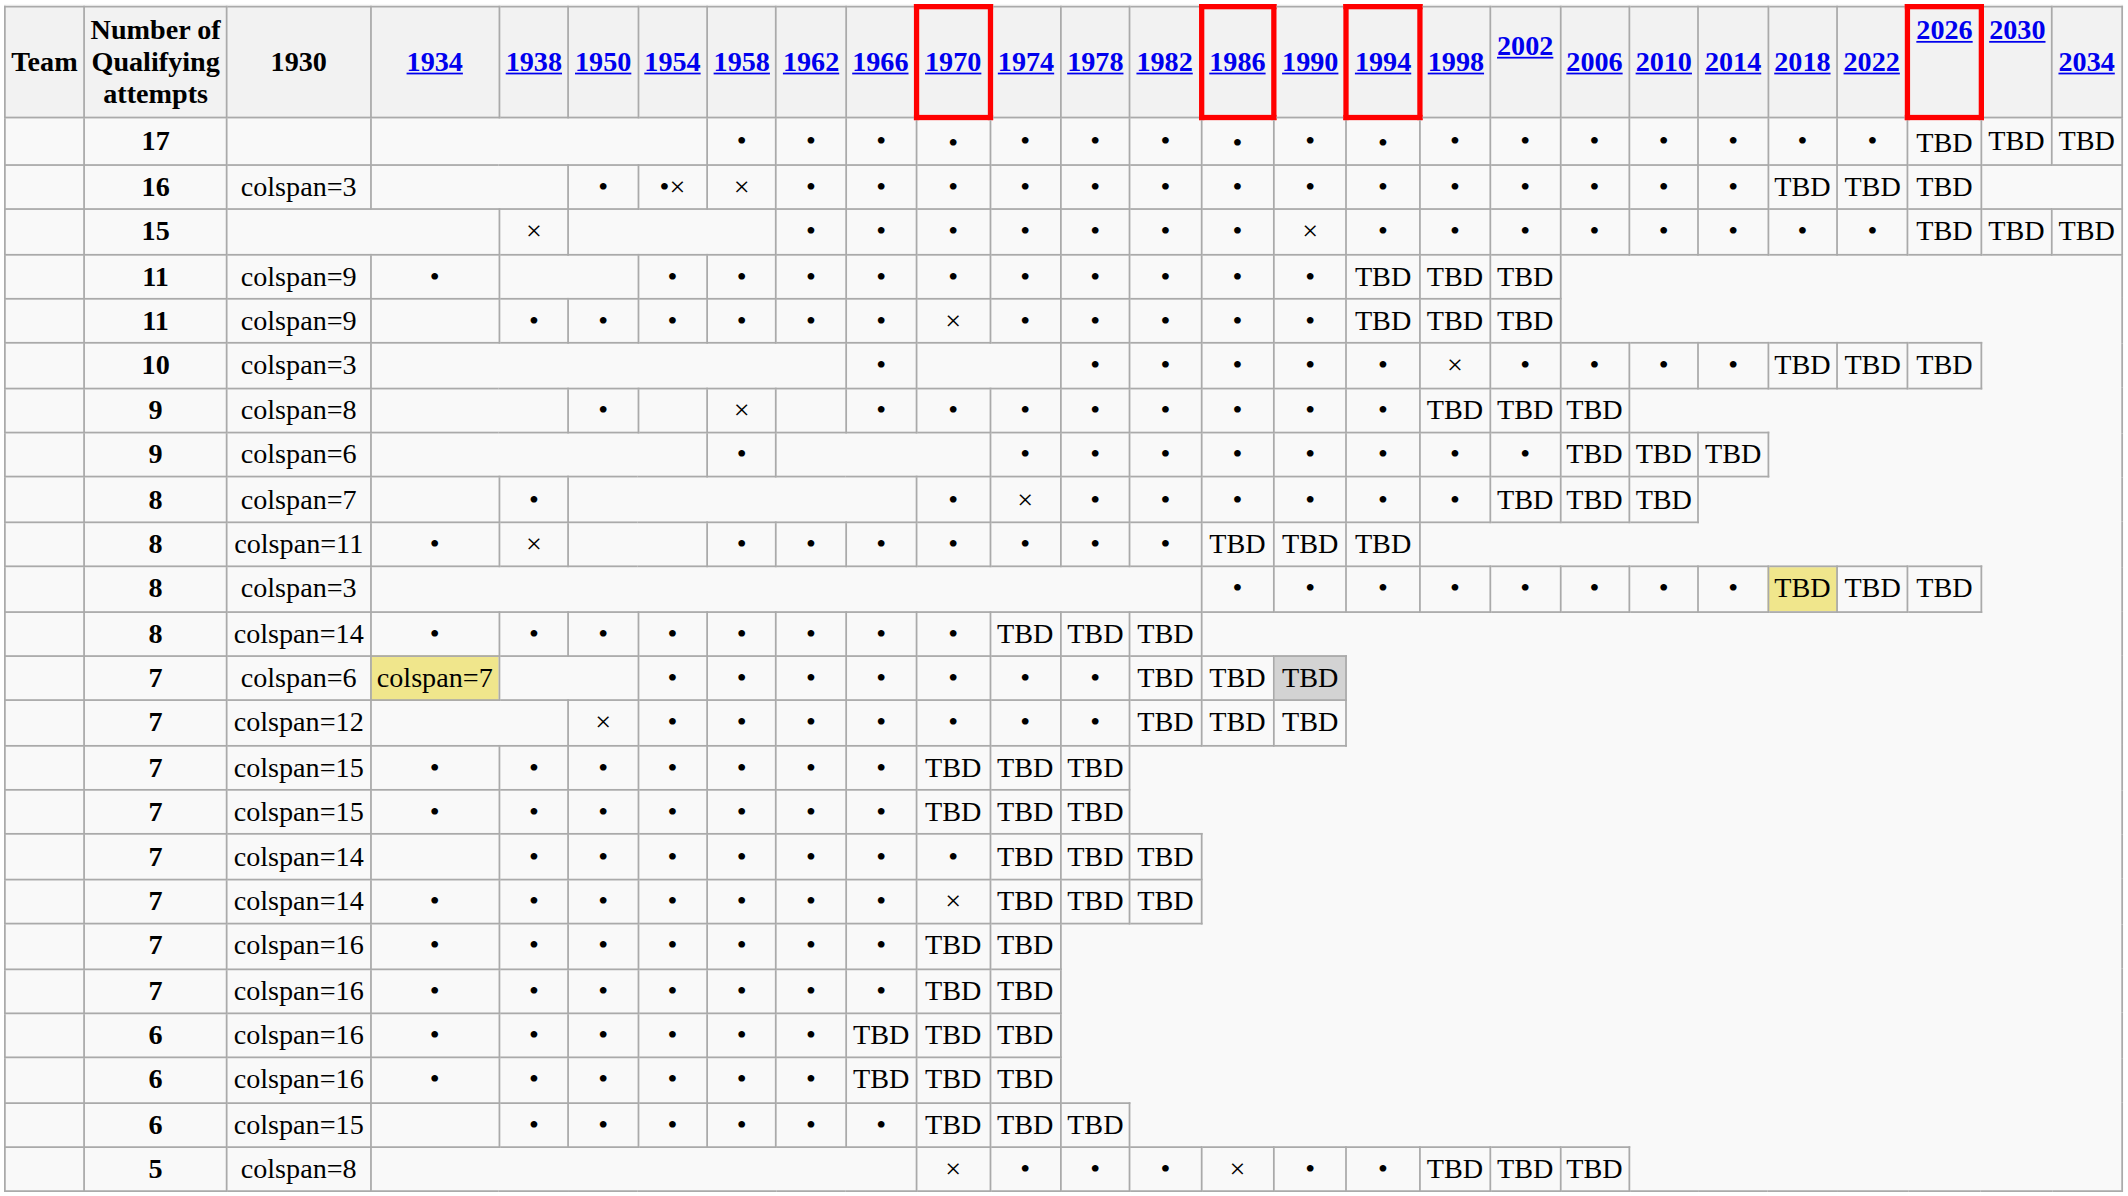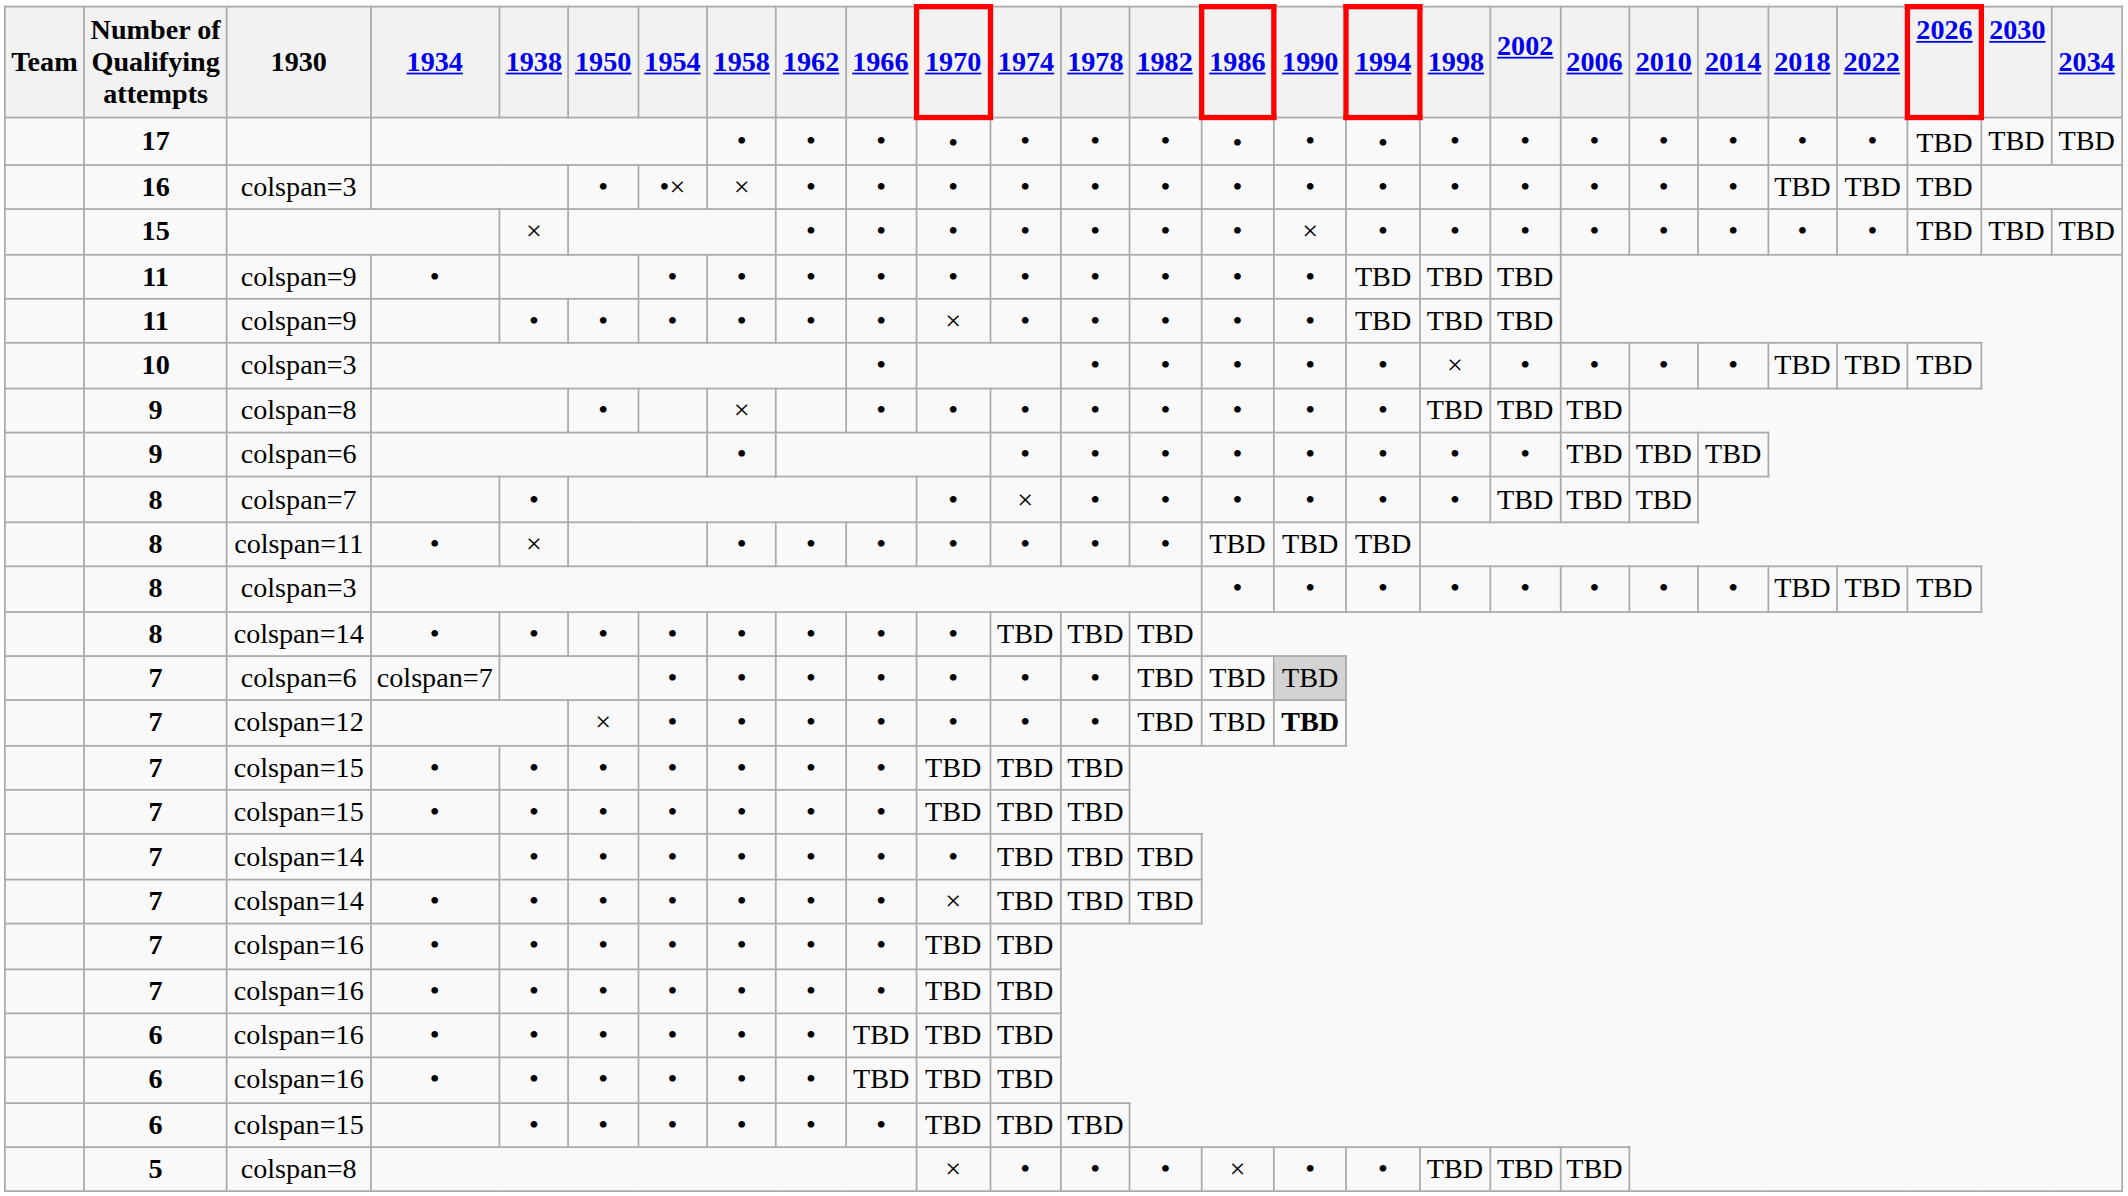 <table class="wikitable" style="text-align: center;">
 <tr>
 <th>Team</th>
 <th>Number of <br> Qualifying<br>attempts</th>
 <th>1930<br> </th>
 <th><a href='#'>1934</a><br> </th>
 <th><a href='#'>1938</a><br> </th>
 <th><a href='#'>1950</a><br> </th>
 <th><a href='#'>1954</a><br> </th>
 <th><a href='#'>1958</a><br> </th>
 <th><a href='#'>1962</a><br> </th>
 <th><a href='#'>1966</a><br> </th>
 <th style="border:3px solid red"><a href='#'>1970</a><br> </th>
 <th><a href='#'>1974</a><br> </th>
 <th><a href='#'>1978</a><br> </th>
 <th><a href='#'>1982</a><br> </th>
 <th style="border:3px solid red"><a href='#'>1986</a><br> </th>
 <th><a href='#'>1990</a><br> </th>
 <th style="border:3px solid red"><a href='#'>1994</a><br> </th>
 <th><a href='#'>1998</a><br> </th>
 <th><a href='#'>2002</a><br> <br></th>
 <th><a href='#'>2006</a><br> </th>
 <th><a href='#'>2010</a><br> </th>
 <th><a href='#'>2014</a><br> </th>
 <th><a href='#'>2018</a><br> </th>
 <th><a href='#'>2022</a><br> </th>
 <th style="border:3px solid red"><a href='#'>2026</a><br> <br><br></th>
 <th><a href='#'>2030</a><br> <br><br></th>
 <th><a href='#'>2034</a><br> </th>
 </tr>
 <tr>
 <td style="text-align: left;"></td>
 <td><strong>17</strong></td>
 <td></td>
 <td colspan=4></td>
 <td>•</td>
 <td>•</td>
 <td>•</td>
 <td>•</td>
 <td>•</td>
 <td>•</td>
 <td>•</td>
 <td>•</td>
 <td>•</td>
 <td>•</td>
 <td>•</td>
 <td>•</td>
 <td>•</td>
 <td>•</td>
 <td>•</td>
 <td>•</td>
 <td>•</td>
 <td>TBD</td>
 <td>TBD</td>
 <td>TBD</td>
 </tr>
 <tr>
 <td style="text-align: left;"></td>
 <td><strong>16</strong></td>
 <td>colspan=3 </td>
 <td colspan=2></td>
 <td>•</td>
 <td>•×</td>
 <td>×</td>
 <td>•</td>
 <td>•</td>
 <td>•</td>
 <td>•</td>
 <td>•</td>
 <td>•</td>
 <td>•</td>
 <td>•</td>
 <td>•</td>
 <td>•</td>
 <td>•</td>
 <td>•</td>
 <td>•</td>
 <td>•</td>
 <td>TBD</td>
 <td>TBD</td>
 <td>TBD</td>
 </tr>
 <tr>
 <td style="text-align: left;"></td>
 <td><strong>15</strong></td>
 <td colspan=2></td>
 <td>×</td>
 <td colspan=3></td>
 <td>•</td>
 <td>•</td>
 <td>•</td>
 <td>•</td>
 <td>•</td>
 <td>•</td>
 <td>•</td>
 <td>×</td>
 <td>•</td>
 <td>•</td>
 <td>•</td>
 <td>•</td>
 <td>•</td>
 <td>•</td>
 <td>•</td>
 <td>•</td>
 <td>TBD</td>
 <td>TBD</td>
 <td>TBD</td>
 </tr>
 <tr>
 <td style="text-align: left;"></td>
 <td><strong>11</strong></td>
 <td>colspan=9 </td>
 <td>•</td>
 <td colspan=2></td>
 <td>•</td>
 <td>•</td>
 <td>•</td>
 <td>•</td>
 <td>•</td>
 <td>•</td>
 <td>•</td>
 <td>•</td>
 <td>•</td>
 <td>•</td>
 <td>TBD</td>
 <td>TBD</td>
 <td>TBD</td>
 </tr>
 <tr>
 <td style="text-align: left;"></td>
 <td><strong>11</strong></td>
 <td>colspan=9 </td>
 <td></td>
 <td>•</td>
 <td>•</td>
 <td>•</td>
 <td>•</td>
 <td>•</td>
 <td>•</td>
 <td>×</td>
 <td>•</td>
 <td>•</td>
 <td>•</td>
 <td>•</td>
 <td>•</td>
 <td>TBD</td>
 <td>TBD</td>
 <td>TBD</td>
 </tr>
 <tr>
 <td style="text-align: left;"></td>
 <td><strong>10</strong></td>
 <td>colspan=3 </td>
 <td colspan=6></td>
 <td>•</td>
 <td colspan=2></td>
 <td>•</td>
 <td>•</td>
 <td>•</td>
 <td>•</td>
 <td>•</td>
 <td>×</td>
 <td>•</td>
 <td>•</td>
 <td>•</td>
 <td>•</td>
 <td>TBD</td>
 <td>TBD</td>
 <td>TBD</td>
 </tr>
 <tr>
 <td style="text-align: left;"></td>
 <td><strong>9</strong></td>
 <td>colspan=8 </td>
 <td colspan=2></td>
 <td>•</td>
 <td></td>
 <td>×</td>
 <td></td>
 <td>•</td>
 <td>•</td>
 <td>•</td>
 <td>•</td>
 <td>•</td>
 <td>•</td>
 <td>•</td>
 <td>•</td>
 <td>TBD</td>
 <td>TBD</td>
 <td>TBD</td>
 </tr>
 <tr>
 <td style="text-align: left;"></td>
 <td><strong>9</strong></td>
 <td>colspan=6 </td>
 <td colspan=4></td>
 <td>•</td>
 <td colspan=3></td>
 <td>•</td>
 <td>•</td>
 <td>•</td>
 <td>•</td>
 <td>•</td>
 <td>•</td>
 <td>•</td>
 <td>•</td>
 <td>TBD</td>
 <td>TBD</td>
 <td>TBD</td>
 </tr>
 <tr>
 <td style="text-align: left;"></td>
 <td><strong>8</strong></td>
 <td>colspan=7 </td>
 <td></td>
 <td>•</td>
 <td colspan=5></td>
 <td>•</td>
 <td>×</td>
 <td>•</td>
 <td>•</td>
 <td>•</td>
 <td>•</td>
 <td>•</td>
 <td>•</td>
 <td>TBD</td>
 <td>TBD</td>
 <td>TBD</td>
 </tr>
 <tr>
 <td style="text-align: left;"></td>
 <td><strong>8</strong></td>
 <td>colspan=11 </td>
 <td>•</td>
 <td>×</td>
 <td colspan=2></td>
 <td>•</td>
 <td>•</td>
 <td>•</td>
 <td>•</td>
 <td>•</td>
 <td>•</td>
 <td>•</td>
 <td>TBD</td>
 <td>TBD</td>
 <td>TBD</td>
 </tr>
 <tr>
 <td style="text-align: left;"></td>
 <td><strong>8</strong></td>
 <td>colspan=3 </td>
 <td colspan=11></td>
 <td>•</td>
 <td>•</td>
 <td>•</td>
 <td>•</td>
 <td>•</td>
 <td>•</td>
 <td>•</td>
 <td>•</td>
-<td style="background: khaki;">TBD</td>
+<td>TBD</td>
 <td>TBD</td>
 <td>TBD</td>
 </tr>
 <tr>
 <td style="text-align: left;"></td>
 <td><strong>8</strong></td>
 <td>colspan=14 </td>
 <td>•</td>
 <td>•</td>
 <td>•</td>
 <td>•</td>
 <td>•</td>
 <td>•</td>
 <td>•</td>
 <td>•</td>
 <td>TBD</td>
 <td>TBD</td>
 <td>TBD</td>
 </tr>
 <tr>
 <td style="text-align: left;"></td>
 <td><strong>7</strong></td>
 <td>colspan=6  </td>
-<td style="background: khaki;">colspan=7 </td>
+<td>colspan=7 </td>
 <td colspan=2></td>
 <td>•</td>
 <td>•</td>
 <td>•</td>
 <td>•</td>
 <td>•</td>
 <td>•</td>
 <td>•</td>
 <td>TBD</td>
 <td>TBD</td>
 <td style="background: lightgrey;">TBD</td>
 </tr>
 <tr>
 <td style="text-align: left;"></td>
 <td><strong>7</strong></td>
 <td>colspan=12 </td>
 <td colspan=2></td>
 <td>×</td>
 <td>•</td>
 <td>•</td>
 <td>•</td>
 <td>•</td>
 <td>•</td>
 <td>•</td>
 <td>•</td>
 <td>TBD</td>
 <td>TBD</td>
-<td>TBD</td>
+<td><strong>TBD</strong></td>
 </tr>
 <tr>
 <td style="text-align: left;"></td>
 <td><strong>7</strong></td>
 <td>colspan=15 </td>
 <td>•</td>
 <td>•</td>
 <td>•</td>
 <td>•</td>
 <td>•</td>
 <td>•</td>
 <td>•</td>
 <td>TBD</td>
 <td>TBD</td>
 <td>TBD</td>
 </tr>
 <tr>
 <td style="text-align: left;"></td>
 <td><strong>7</strong></td>
 <td>colspan=15 </td>
 <td>•</td>
 <td>•</td>
 <td>•</td>
 <td>•</td>
 <td>•</td>
 <td>•</td>
 <td>•</td>
 <td>TBD</td>
 <td>TBD</td>
 <td>TBD</td>
 </tr>
 <tr>
 <td style="text-align: left;"></td>
 <td><strong>7</strong></td>
 <td>colspan=14 </td>
 <td></td>
 <td>•</td>
 <td>•</td>
 <td>•</td>
 <td>•</td>
 <td>•</td>
 <td>•</td>
 <td>•</td>
 <td>TBD</td>
 <td>TBD</td>
 <td>TBD</td>
 </tr>
 <tr>
 <td style="text-align: left;"></td>
 <td><strong>7</strong></td>
 <td>colspan=14 </td>
 <td>•</td>
 <td>•</td>
 <td>•</td>
 <td>•</td>
 <td>•</td>
 <td>•</td>
 <td>•</td>
 <td>×</td>
 <td>TBD</td>
 <td>TBD</td>
 <td>TBD</td>
 </tr>
 <tr>
 <td style="text-align: left;"></td>
 <td><strong>7</strong></td>
 <td>colspan=16 </td>
 <td>•</td>
 <td>•</td>
 <td>•</td>
 <td>•</td>
 <td>•</td>
 <td>•</td>
 <td>•</td>
 <td>TBD</td>
 <td>TBD</td>
 </tr>
 <tr>
 <td style="text-align: left;"></td>
 <td><strong>7</strong></td>
 <td>colspan=16 </td>
 <td>•</td>
 <td>•</td>
 <td>•</td>
 <td>•</td>
 <td>•</td>
 <td>•</td>
 <td>•</td>
 <td>TBD</td>
 <td>TBD</td>
 </tr>
 <tr>
 <td style="text-align: left;"></td>
 <td><strong>6</strong></td>
 <td>colspan=16 </td>
 <td>•</td>
 <td>•</td>
 <td>•</td>
 <td>•</td>
 <td>•</td>
 <td>•</td>
 <td>TBD</td>
 <td>TBD</td>
 <td>TBD</td>
 </tr>
 <tr>
 <td style="text-align: left;"></td>
 <td><strong>6</strong></td>
 <td>colspan=16 </td>
 <td>•</td>
 <td>•</td>
 <td>•</td>
 <td>•</td>
 <td>•</td>
 <td>•</td>
 <td>TBD</td>
 <td>TBD</td>
 <td>TBD</td>
 </tr>
 <tr>
 <td style="text-align: left;"></td>
 <td><strong>6</strong></td>
 <td>colspan=15 </td>
 <td></td>
 <td>•</td>
 <td>•</td>
 <td>•</td>
 <td>•</td>
 <td>•</td>
 <td>•</td>
 <td>TBD</td>
 <td>TBD</td>
 <td>TBD</td>
 </tr>
 <tr>
 <td style="text-align: left;"></td>
 <td><strong>5</strong></td>
 <td>colspan=8 </td>
 <td colspan=7></td>
 <td>×</td>
 <td>•</td>
 <td>•</td>
 <td>•</td>
 <td>×</td>
 <td>•</td>
 <td>•</td>
 <td>TBD</td>
 <td>TBD</td>
 <td>TBD</td>
 </tr>
 </table>
